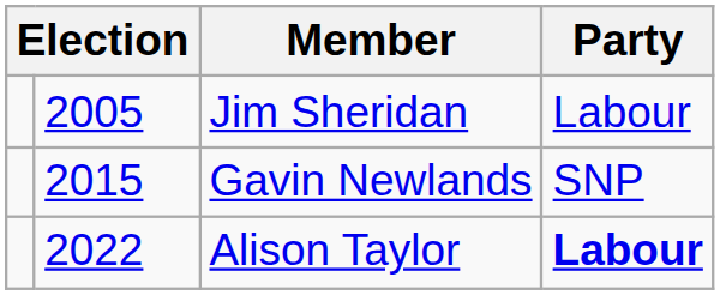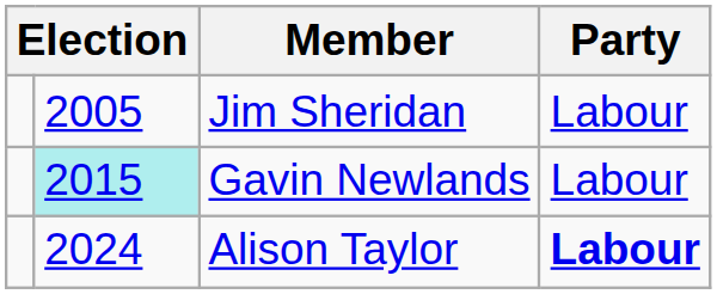 <table class="wikitable">
 <tr>
 <th colspan="2">Election</th>
 <th>Member</th>
 <th>Party</th>
 </tr>
 <tr>
 <td style="color:inherit;background-color: "></td>
 <td><a href='#'>2005</a></td>
 <td><a href='#'>Jim Sheridan</a></td>
 <td><a href='#'>Labour</a></td>
 </tr>
 <tr>
 <td style="color:inherit;background-color: "></td>
-<td><a href='#'>2015</a></td>
+<td style="background: paleturquoise;"><a href='#'>2015</a></td>
 <td><a href='#'>Gavin Newlands</a></td>
-<td><a href='#'>SNP</a></td>
+<td><a href='#'>Labour</a></td>
 </tr>
 <tr>
 <td style="color:inherit;background-color: "></td>
-<td><a href='#'>2022</a></td>
+<td><a href='#'>2024</a></td>
 <td><a href='#'>Alison Taylor</a></td>
 <td><strong><a href='#'>Labour</a></strong></td>
 </tr>
 </table>
